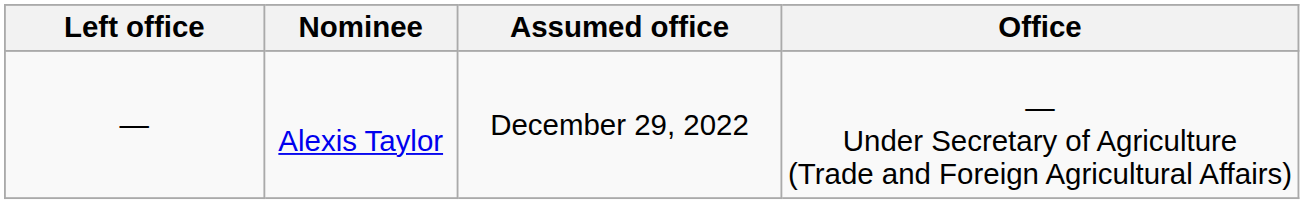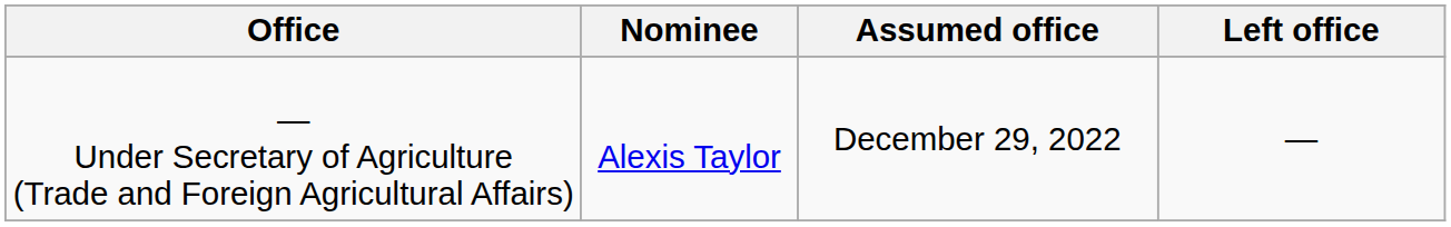 <table class="wikitable sortable" style="text-align:center">
 <tr>
-<th style="width:20%;" data-sort-type="date">Left office</th>
+<th style="width:40%;">Office</th>
 <th style="width:15%;">Nominee</th>
 <th style="width:25%;" data-sort-type="date">Assumed office</th>
-<th style="width:40%;">Office</th>
+<th style="width:20%;" data-sort-type="date">Left office</th>
 </tr>
 <tr>
-<td>—</td>
+<td><br>—<br>Under Secretary of Agriculture<br>(Trade and Foreign Agricultural Affairs)</td>
 <td><br><a href='#'>Alexis Taylor</a></td>
 <td>December 29, 2022<br></td>
-<td><br>—<br>Under Secretary of Agriculture<br>(Trade and Foreign Agricultural Affairs)</td>
+<td>—</td>
 </tr>
 </table>
